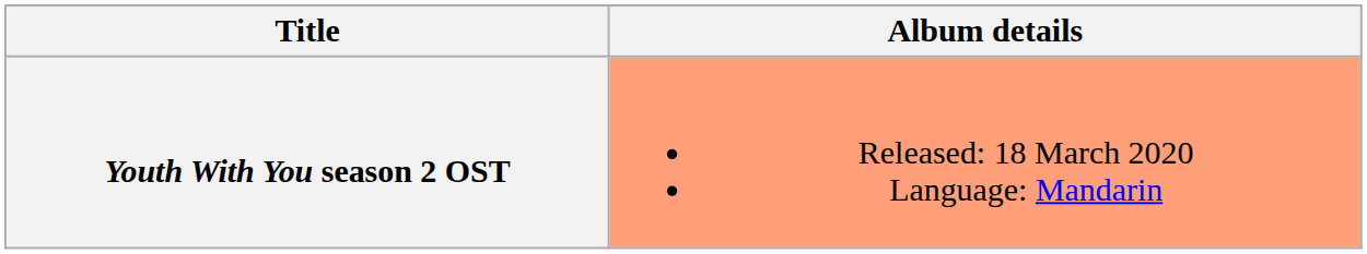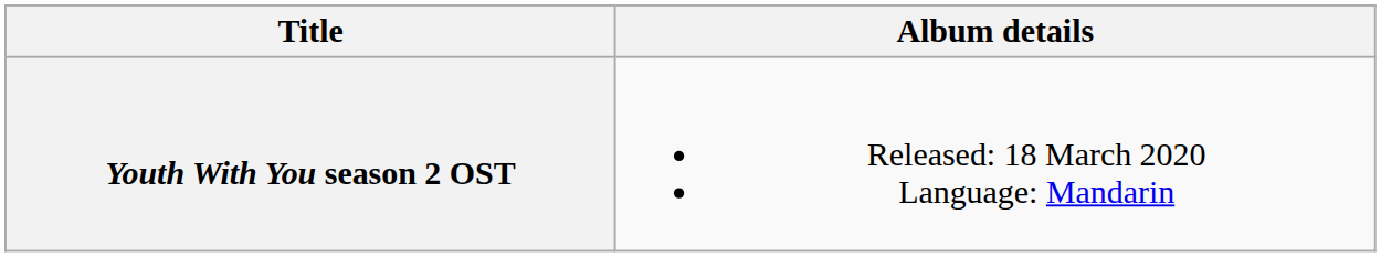 <table class="wikitable plainrowheaders" style="text-align:center;">
 <tr>
 <th scope="col" style="width:18em;">Title</th>
 <th scope="col" style="width:360px;">Album details</th>
 </tr>
 <tr>
 <th rowspan="1" scope="row"><br><em>Youth With You</em> season 2 OST</th>
-<td style="background: lightsalmon;"><br><ul><li>Released: 18 March 2020</li><li>Language: <a href='#'>Mandarin</a></li></ul></td>
+<td><br><ul><li>Released: 18 March 2020</li><li>Language: <a href='#'>Mandarin</a></li></ul></td>
 </tr>
 </table>
